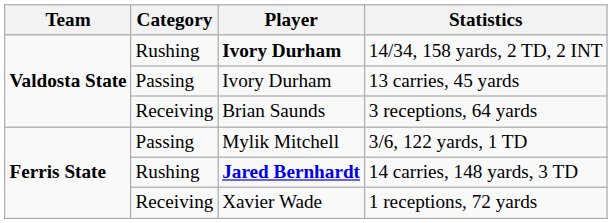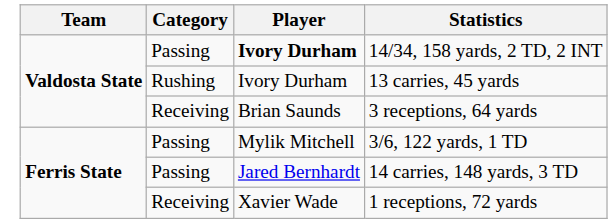 <table class="wikitable" style="float: right;">
 <tr>
 <th>Team</th>
 <th>Category</th>
 <th>Player</th>
 <th>Statistics</th>
 </tr>
 <tr>
 <td rowspan=3><strong>Valdosta State</strong></td>
-<td>Rushing</td>
+<td>Passing</td>
 <td><strong>Ivory Durham</strong></td>
 <td>14/34, 158 yards, 2 TD, 2 INT</td>
 </tr>
 <tr>
-<td>Passing</td>
+<td>Rushing</td>
 <td>Ivory Durham</td>
 <td>13 carries, 45 yards</td>
 </tr>
 <tr>
 <td>Receiving</td>
 <td>Brian Saunds</td>
 <td>3 receptions, 64 yards</td>
 </tr>
 <tr>
 <td rowspan=3><strong>Ferris State</strong></td>
 <td>Passing</td>
 <td>Mylik Mitchell</td>
 <td>3/6, 122 yards, 1 TD</td>
 </tr>
 <tr>
-<td>Rushing</td>
-<td><strong><a href='#'>Jared Bernhardt</a></strong></td>
+<td>Passing</td>
+<td><a href='#'>Jared Bernhardt</a></td>
 <td>14 carries, 148 yards, 3 TD</td>
 </tr>
 <tr>
 <td>Receiving</td>
 <td>Xavier Wade</td>
 <td>1 receptions, 72 yards</td>
 </tr>
 </table>
